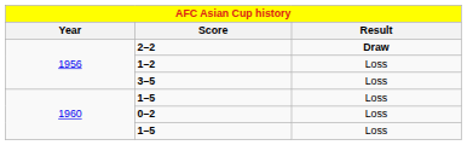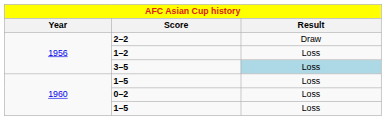 <table class="wikitable collapsible collapsed" style="text-align:center; font-size:90%; width:70%;">
 <tr>
 <th colspan="4" style="background: #FFFF00; color: #DB2017;">AFC Asian Cup history</th>
 </tr>
 <tr>
 <th>Year</th>
 <th>Score</th>
 <th>Result</th>
 </tr>
 <tr>
 <td rowspan=3><a href='#'>1956</a></td>
 <td style="text-align:left"> <strong>2–2</strong> </td>
-<td><strong>Draw</strong></td>
+<td>Draw</td>
 </tr>
 <tr>
 <td style="text-align:left"> <strong>1–2</strong> </td>
 <td>Loss</td>
 </tr>
 <tr>
 <td style="text-align:left"> <strong>3–5</strong> </td>
-<td>Loss</td>
+<td style="background: lightblue;">Loss</td>
 </tr>
 <tr>
 <td rowspan=3><a href='#'>1960</a></td>
 <td style="text-align:left"> <strong>1–5</strong> </td>
 <td>Loss</td>
 </tr>
 <tr>
 <td style="text-align:left"> <strong>0–2</strong> </td>
 <td>Loss</td>
 </tr>
 <tr>
 <td style="text-align:left"> <strong>1–5</strong> </td>
 <td>Loss</td>
 </tr>
 </table>
